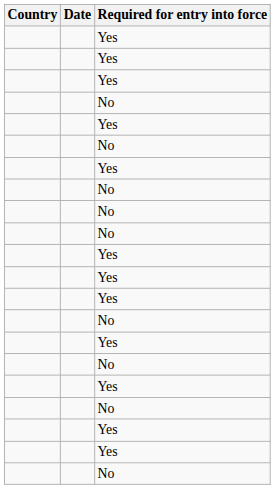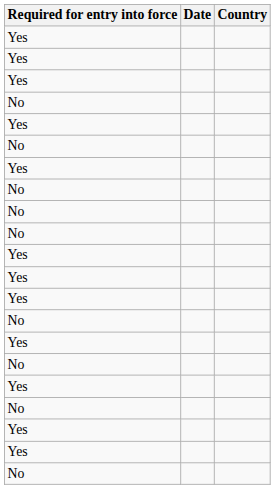 <table class="wikitable sortable">
 <tr>
+<th>Required for entry into force</th>
+<th>Date</th>
 <th>Country</th>
-<th>Date</th>
-<th>Required for entry into force</th>
 </tr>
 <tr>
+<td>Yes</td>
 <td></td>
 <td></td>
-<td>Yes</td>
 </tr>
 <tr>
+<td>Yes</td>
 <td></td>
 <td></td>
-<td>Yes</td>
 </tr>
 <tr>
+<td>Yes</td>
 <td></td>
 <td></td>
-<td>Yes</td>
 </tr>
 <tr>
+<td>No</td>
 <td></td>
 <td></td>
-<td>No</td>
 </tr>
 <tr>
+<td>Yes</td>
 <td></td>
 <td></td>
-<td>Yes</td>
 </tr>
 <tr>
+<td>No</td>
 <td></td>
 <td></td>
-<td>No</td>
 </tr>
 <tr>
+<td>Yes</td>
 <td></td>
 <td></td>
-<td>Yes</td>
 </tr>
 <tr>
+<td>No</td>
 <td></td>
 <td></td>
-<td>No</td>
 </tr>
 <tr>
+<td>No</td>
 <td></td>
 <td></td>
-<td>No</td>
 </tr>
 <tr>
+<td>No</td>
 <td></td>
 <td></td>
-<td>No</td>
 </tr>
 <tr>
+<td>Yes</td>
 <td></td>
 <td></td>
-<td>Yes</td>
 </tr>
 <tr>
+<td>Yes</td>
 <td></td>
 <td></td>
-<td>Yes</td>
 </tr>
 <tr>
+<td>Yes</td>
 <td></td>
 <td></td>
-<td>Yes</td>
 </tr>
 <tr>
+<td>No</td>
 <td></td>
 <td></td>
-<td>No</td>
 </tr>
 <tr>
+<td>Yes</td>
 <td></td>
 <td></td>
-<td>Yes</td>
 </tr>
 <tr>
+<td>No</td>
 <td></td>
 <td></td>
-<td>No</td>
 </tr>
 <tr>
+<td>Yes</td>
 <td></td>
 <td></td>
-<td>Yes</td>
 </tr>
 <tr>
+<td>No</td>
 <td></td>
 <td></td>
-<td>No</td>
 </tr>
 <tr>
+<td>Yes</td>
 <td></td>
 <td></td>
-<td>Yes</td>
 </tr>
 <tr>
+<td>Yes</td>
 <td></td>
 <td></td>
-<td>Yes</td>
 </tr>
 <tr>
+<td>No</td>
 <td></td>
 <td></td>
-<td>No</td>
 </tr>
 </table>
